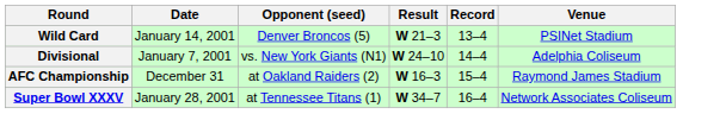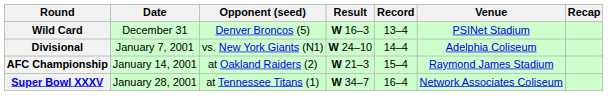 <table class="wikitable" style="text-align:center">
 <tr>
 <th>Round</th>
 <th>Date</th>
 <th>Opponent (seed)</th>
 <th>Result</th>
 <th>Record</th>
 <th>Venue</th>
+<th>Recap</th>
 </tr>
 <tr style="background:#cfc">
 <th>Wild Card</th>
-<td>January 14, 2001</td>
+<td>December 31</td>
 <td><a href='#'>Denver Broncos</a> (5)</td>
-<td><strong>W</strong> 21–3</td>
+<td><strong>W</strong> 16–3</td>
 <td>13–4</td>
 <td><a href='#'>PSINet Stadium</a></td>
+<td></td>
 </tr>
 <tr style="background:#cfc">
 <th>Divisional</th>
 <td>January 7, 2001</td>
 <td>vs. <a href='#'>New York Giants</a> (N1)</td>
 <td><strong>W</strong> 24–10</td>
 <td>14–4</td>
 <td><a href='#'>Adelphia Coliseum</a></td>
+<td></td>
 </tr>
 <tr style="background:#cfc">
 <th>AFC Championship</th>
-<td>December 31</td>
+<td>January 14, 2001</td>
 <td>at <a href='#'>Oakland Raiders</a> (2)</td>
-<td><strong>W</strong> 16–3</td>
+<td><strong>W</strong> 21–3</td>
 <td>15–4</td>
 <td><a href='#'>Raymond James Stadium</a></td>
+<td></td>
 </tr>
 <tr style="background:#cfc">
 <th><strong><a href='#'>Super Bowl XXXV</a></strong></th>
 <td>January 28, 2001</td>
 <td>at <a href='#'>Tennessee Titans</a> (1)</td>
 <td><strong>W</strong> 34–7</td>
 <td>16–4</td>
 <td><a href='#'>Network Associates Coliseum</a></td>
+<td></td>
 </tr>
 </table>
